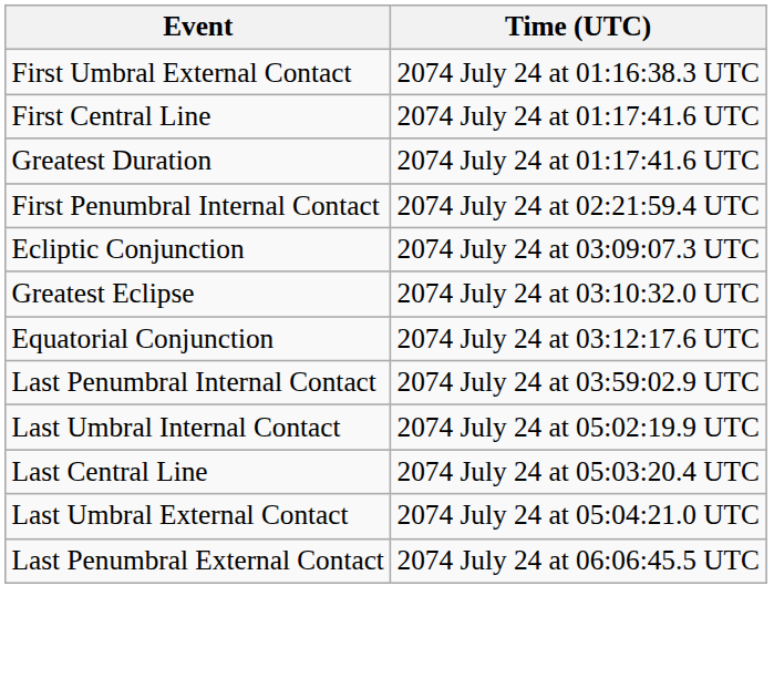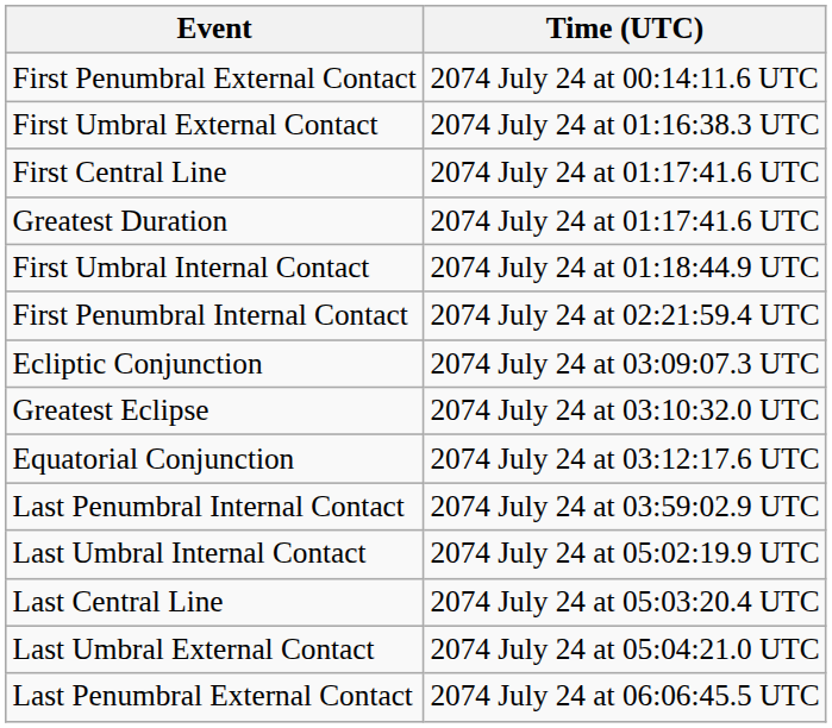 <table class="wikitable">
 <tr>
 <th>Event</th>
 <th>Time (UTC)</th>
+</tr>
+<tr>
+<td>First Penumbral External Contact</td>
+<td>2074 July 24 at 00:14:11.6 UTC</td>
 </tr>
 <tr>
 <td>First Umbral External Contact</td>
 <td>2074 July 24 at 01:16:38.3 UTC</td>
 </tr>
 <tr>
 <td>First Central Line</td>
 <td>2074 July 24 at 01:17:41.6 UTC</td>
 </tr>
 <tr>
 <td>Greatest Duration</td>
 <td>2074 July 24 at 01:17:41.6 UTC</td>
+</tr>
+<tr>
+<td>First Umbral Internal Contact</td>
+<td>2074 July 24 at 01:18:44.9 UTC</td>
 </tr>
 <tr>
 <td>First Penumbral Internal Contact</td>
 <td>2074 July 24 at 02:21:59.4 UTC</td>
 </tr>
 <tr>
 <td>Ecliptic Conjunction</td>
 <td>2074 July 24 at 03:09:07.3 UTC</td>
 </tr>
 <tr>
 <td>Greatest Eclipse</td>
 <td>2074 July 24 at 03:10:32.0 UTC</td>
 </tr>
 <tr>
 <td>Equatorial Conjunction</td>
 <td>2074 July 24 at 03:12:17.6 UTC</td>
 </tr>
 <tr>
 <td>Last Penumbral Internal Contact</td>
 <td>2074 July 24 at 03:59:02.9 UTC</td>
 </tr>
 <tr>
 <td>Last Umbral Internal Contact</td>
 <td>2074 July 24 at 05:02:19.9 UTC</td>
 </tr>
 <tr>
 <td>Last Central Line</td>
 <td>2074 July 24 at 05:03:20.4 UTC</td>
 </tr>
 <tr>
 <td>Last Umbral External Contact</td>
 <td>2074 July 24 at 05:04:21.0 UTC</td>
 </tr>
 <tr>
 <td>Last Penumbral External Contact</td>
 <td>2074 July 24 at 06:06:45.5 UTC</td>
 </tr>
 </table>
